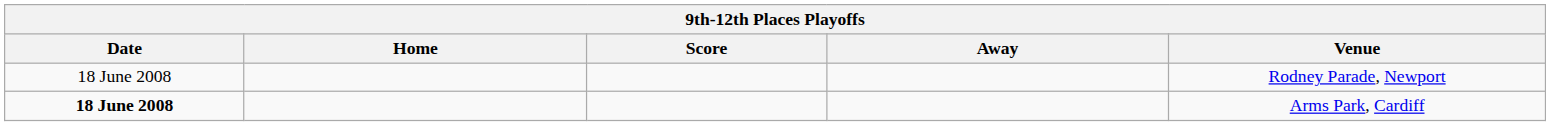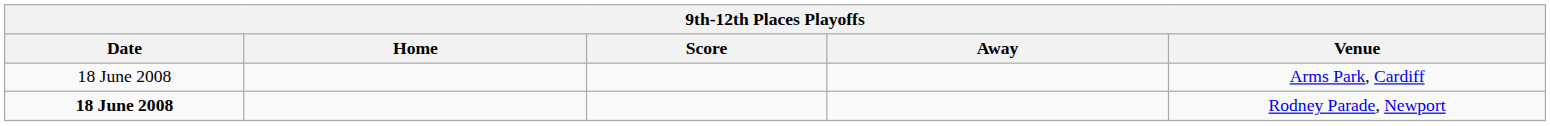 <table class="wikitable" style="font-size:90%; width: 100%; text-align: center;">
 <tr>
 <th colspan=5>9th-12th Places Playoffs</th>
 </tr>
 <tr>
 <th width=7%>Date</th>
 <th width=10%>Home</th>
 <th width=7%>Score</th>
 <th width=10%>Away</th>
 <th width=11%>Venue</th>
 </tr>
 <tr>
 <td>18 June 2008</td>
 <td></td>
 <td></td>
 <td></td>
-<td><a href='#'>Rodney Parade</a>, <a href='#'>Newport</a></td>
+<td><a href='#'>Arms Park</a>, <a href='#'>Cardiff</a></td>
 </tr>
 <tr>
 <td><strong>18 June 2008</strong></td>
 <td></td>
 <td></td>
 <td></td>
-<td><a href='#'>Arms Park</a>, <a href='#'>Cardiff</a></td>
+<td><a href='#'>Rodney Parade</a>, <a href='#'>Newport</a></td>
 </tr>
 </table>
